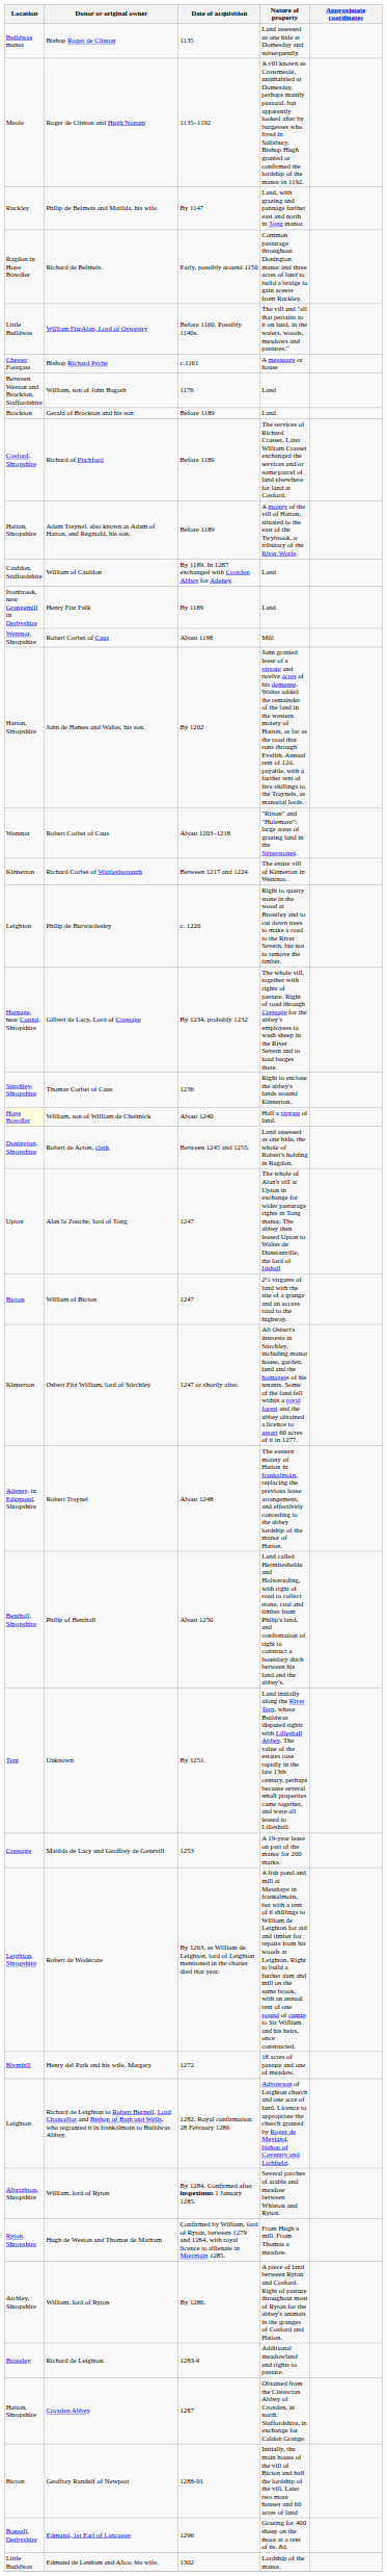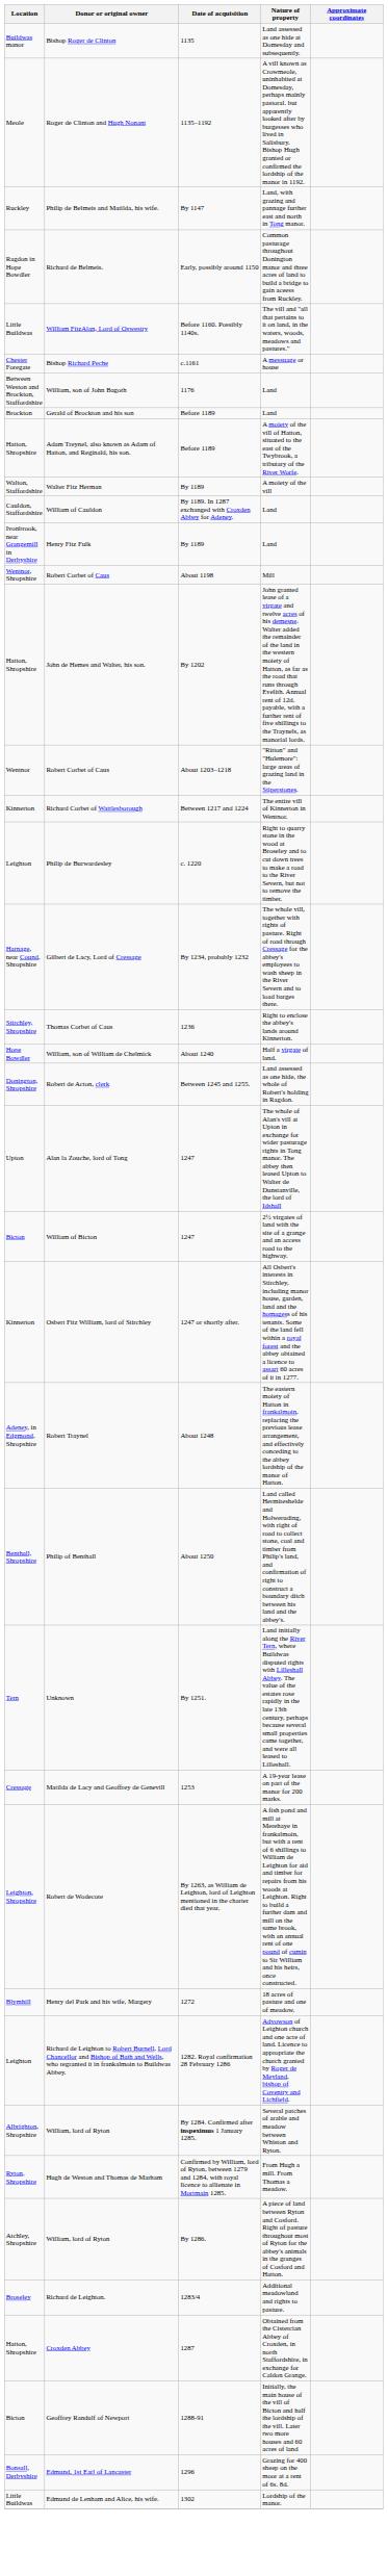 <table class="wikitable">
 <tr>
 <th>Location</th>
 <th width=300pt>Donor or original owner</th>
 <th width=180pt>Date of acquisition</th>
 <th>Nature of property</th>
 <th width=160pt><a href='#'>Approximate coordinates</a></th>
 </tr>
 <tr>
 <td><a href='#'>Buildwas</a> manor</td>
 <td>Bishop <a href='#'>Roger de Clinton</a></td>
 <td>1135</td>
 <td>Land assessed as one hide at Domesday and subsequently.</td>
 <td></td>
 </tr>
 <tr>
 <td>Meole</td>
 <td>Roger de Clinton and <a href='#'>Hugh Nonant</a></td>
 <td>1135–1192</td>
 <td>A vill known as Crowmeole, uninhabited at Domesday, perhaps mainly pastoral. but apparently looked after by burgesses who lived in Salisbury. Bishop Hugh granted or confirmed the lordship of the manor in 1192.</td>
 <td></td>
 </tr>
 <tr>
 <td>Ruckley</td>
 <td>Philip de Belmeis and Matilda, his wife.</td>
 <td>By 1147</td>
 <td>Land, with grazing and pannage further east and north in <a href='#'>Tong</a> manor.</td>
 <td></td>
 </tr>
 <tr>
 <td>Ragdon in Hope Bowdler</td>
 <td>Richard de Belmeis.</td>
 <td>Early, possibly around 1150</td>
 <td>Common pasturage throughout Donington manor and three acres of land to build a bridge to gain aceess from Ruckley.</td>
 <td></td>
 </tr>
 <tr>
 <td>Little Buildwas</td>
 <td><a href='#'>William FitzAlan, Lord of Oswestry</a></td>
 <td>Before 1160. Possibly 1140s.</td>
 <td>The vill and "all that pertains to it on land, in the waters, woods, meadows and pastures."</td>
 <td></td>
 </tr>
 <tr>
 <td><a href='#'>Chester</a> Foregate</td>
 <td>Bishop <a href='#'>Richard Peche</a></td>
 <td>c.1161</td>
 <td>A <a href='#'>messuage</a> or house</td>
 <td></td>
 </tr>
 <tr>
 <td>Between Weston and Brockton, Staffordshire</td>
 <td>William, son of John Bagoth</td>
 <td>1176</td>
 <td>Land</td>
 <td></td>
 </tr>
 <tr>
 <td>Brockton</td>
 <td>Gerald of Brockton and his son</td>
 <td>Before 1189</td>
 <td>Land</td>
 <td></td>
 </tr>
 <tr>
-<td><a href='#'>Cosford, Shropshire</a></td>
-<td>Richard of <a href='#'>Pitchford</a></td>
-<td>Before 1189</td>
-<td>The services of Richard Crasset. Later William Crasset exchanged the services and/or some parcel of land elsewhere for land at Cosford.</td>
-<td></td>
-</tr>
-<tr>
 <td>Hatton, Shropshire</td>
 <td>Adam Treynel, also known as Adam of Hatton, and Reginald, his son.</td>
 <td>Before 1189</td>
 <td>A <a href='#'>moiety</a> of the vill of Hatton, situated to the east of the Twybrook, a tributary of the <a href='#'>River Worfe</a>.</td>
+<td></td>
+</tr>
+<tr>
+<td>Walton, Staffordshire</td>
+<td>Walter Fitz Herman</td>
+<td>By 1189</td>
+<td>A moiety of the vill</td>
 <td></td>
 </tr>
 <tr>
 <td>Cauldon, Staffordshire</td>
 <td>William of Cauldon</td>
 <td>By 1189. In 1287 exchanged with <a href='#'>Croxden Abbey</a> for <a href='#'>Adeney</a>.</td>
 <td>Land</td>
 <td></td>
 </tr>
 <tr>
 <td>Ivonbrook, near <a href='#'>Grangemill</a> in <a href='#'>Derbyshire</a></td>
 <td>Henry Fitz Fulk</td>
 <td>By 1189</td>
 <td>Land</td>
 <td></td>
 </tr>
 <tr>
 <td><a href='#'>Wentnor</a>, Shropshire</td>
 <td>Robert Corbet of <a href='#'>Caus</a></td>
 <td>About 1198</td>
 <td>Mill</td>
 <td></td>
 </tr>
 <tr>
 <td>Hatton, Shropshire</td>
 <td>John de Hemes and Walter, his son.</td>
 <td>By 1202</td>
 <td>John granted lease of a <a href='#'>virgate</a> and twelve <a href='#'>acres</a> of his <a href='#'>demesne</a>. Walter added the remainder of the land in the western moiety of Hatton, as far as the road that runs through Evelith. Annual rent of 12d. payable, with a further rent of five shillings to the Traynels, as manorial lords.</td>
 <td></td>
 </tr>
 <tr>
 <td>Wentnor</td>
 <td>Robert Corbet of Caus</td>
 <td>About 1203–1218</td>
 <td>"Ritton" and "Hulemore": large areas of grazing land in the <a href='#'>Stiperstones</a>.</td>
 <td></td>
 </tr>
 <tr>
 <td>Kinnerton</td>
 <td>Richard Corbet of <a href='#'>Wattlesborough</a></td>
 <td>Between 1217 and 1224</td>
 <td>The entire vill of Kinnerton in Wentnor.</td>
 <td></td>
 </tr>
 <tr>
 <td>Leighton</td>
 <td>Philip de Burwardesley</td>
 <td>c. 1220</td>
 <td>Right to quarry stone in the wood at Broseley and to cut down trees to make a road to the River Severn, but not to remove the timber.</td>
 <td></td>
 </tr>
 <tr>
 <td><a href='#'>Harnage</a>, near <a href='#'>Cound</a>, Shropshire</td>
 <td>Gilbert de Lacy, Lord of <a href='#'>Cressage</a></td>
 <td>By 1234, probably 1232</td>
 <td>The whole vill, together with rights of pasture. Right of road through <a href='#'>Cressage</a> for the abbey's employees to wash sheep in the River Severn and to load barges there.</td>
 <td></td>
 </tr>
 <tr>
 <td><a href='#'>Stirchley, Shropshire</a></td>
 <td>Thomas Corbet of Caus</td>
 <td>1236</td>
 <td>Right to enclose the abbey's lands around Kinnerton.</td>
 <td></td>
 </tr>
 <tr>
-<td style="background: lightyellow;"><a href='#'>Hope Bowdler</a></td>
+<td><a href='#'>Hope Bowdler</a></td>
 <td>William, son of William de Chelmick</td>
 <td>About 1240</td>
 <td>Half a <a href='#'>virgate</a> of land.</td>
 <td></td>
 </tr>
 <tr>
 <td><a href='#'>Donington, Shropshire</a></td>
 <td>Robert de Acton, <a href='#'>clerk</a></td>
 <td>Between 1245 and 1255.</td>
 <td>Land assessed as one hide, the whole of Robert's holding in Ragdon.</td>
 <td></td>
 </tr>
 <tr>
 <td>Upton</td>
 <td>Alan la Zouche, lord of Tong</td>
 <td>1247</td>
 <td>The whole of Alan's vill at Upton in exchange for wider pasturage rights in Tong manor. The abbey then leased Upton to Walter de Dunstanville, the lord of <a href='#'>Idshall</a></td>
 <td></td>
 </tr>
 <tr>
 <td><a href='#'>Bicton</a></td>
 <td>William of Bicton</td>
 <td>1247</td>
 <td>2½ virgates of land with the site of a grange and an access road to the highway.</td>
 <td></td>
 </tr>
 <tr>
 <td>Kinnerton</td>
 <td>Osbert Fitz William, lord of Stirchley</td>
 <td>1247 or shortly after.</td>
 <td>All Osbert's interests in Stirchley, including manor house, garden, land and the <a href='#'>homages</a>s of his tenants. Some of the land fell within a <a href='#'>royal forest</a> and the abbey obtained a licence to <a href='#'>assart</a> 60 acres of it in 1277.</td>
 <td></td>
 </tr>
 <tr>
 <td><a href='#'>Adeney</a>, in <a href='#'>Edgmond</a>, Shropshire</td>
 <td>Robert Traynel</td>
 <td>About 1248</td>
 <td>The eastern moiety of Hatton in <a href='#'>frankalmoin</a>, replacing the previous lease arrangement, and effectively conceding to the abbey lordship of the manor of Hatton.</td>
 <td></td>
 </tr>
 <tr>
 <td><a href='#'>Benthall, Shropshire</a></td>
 <td>Philip of Benthall</td>
 <td>About 1250</td>
 <td>Land called Hermiteshelde and Holweruding, with right of road to collect stone, coal and timber from Philip's land, and confirmation of right to construct a boundary ditch between his land and the abbey's.</td>
 <td></td>
 </tr>
 <tr>
 <td><a href='#'>Tern</a></td>
 <td>Unknown</td>
 <td>By 1251.</td>
 <td>Land initially along the <a href='#'>River Tern</a>, where Buildwas disputed rights with <a href='#'>Lilleshall Abbey</a>. The value of the estates rose rapidly in the late 13th century, perhaps because several small properties came together, and were all leased to Lilleshall.</td>
 <td></td>
 </tr>
 <tr>
 <td><a href='#'>Cressage</a></td>
 <td>Matilda de Lacy and Geoffrey de Genevill</td>
 <td>1253</td>
 <td>A 19-year lease on part of the manor for 200 marks.</td>
 <td></td>
 </tr>
 <tr>
 <td><a href='#'>Leighton, Shropshire</a></td>
 <td>Robert de Wodecote</td>
 <td>By 1263, as William de Leighton, lord of Leighton mentioned in the charter died that year.</td>
 <td>A fish pond and mill at Merehaye in frankalmoin, but with a rent of 6 shillings to William de Leighton for aid and timber for repairs from his woods at Leighton. Right to build a further dam and mill on the same brook, with an annual rent of one <a href='#'>pound</a> of <a href='#'>cumin</a> to Sir William and his heirs, once constructed.</td>
 <td></td>
 </tr>
 <tr>
 <td><a href='#'>Blymhill</a></td>
 <td>Henry del Park and his wife, Margery</td>
 <td>1272</td>
 <td>18 acres of pasture and one of meadow.</td>
 <td></td>
 </tr>
 <tr>
 <td>Leighton</td>
 <td>Richard de Leighton to <a href='#'>Robert Burnell</a>, <a href='#'>Lord Chancellor</a> and <a href='#'>Bishop of Bath and Wells</a>, who regranted it in frankalmoin to Buildwas Abbey.</td>
 <td>1282. Royal confirmation 28 February 1286</td>
 <td><a href='#'>Advowson</a> of Leighton church and one acre of land. Licence to appropriate the church granted by <a href='#'>Roger de Meyland</a>, <a href='#'>bishop of Coventry and Lichfield</a>.</td>
 <td></td>
 </tr>
 <tr>
 <td><a href='#'>Albrighton</a>, Shropshire</td>
 <td>William, lord of Ryton</td>
 <td>By 1284. Confirmed after <strong>inspeximus</strong> 1 January 1285.</td>
 <td>Several patches of arable and meadow between Whiston and Ryton.</td>
 <td></td>
 </tr>
 <tr>
 <td><a href='#'>Ryton, Shropshire</a></td>
 <td>Hugh de Weston and Thomas de Marham</td>
 <td>Confirmed by William, lord of Ryton, between 1279 and 1284, with royal licence to allienate in <a href='#'>Mortmain</a> 1285.</td>
 <td>From Hugh a mill. From Thomas a meadow.</td>
 <td></td>
 </tr>
 <tr>
 <td>Atchley, Shropshire</td>
 <td>William, lord of Ryton</td>
 <td>By 1286.</td>
 <td>A piece of land between Ryton and Cosford. Right of pasture throughout most of Ryton for the abbey's animals in the granges of Cosford and Hatton.</td>
 <td></td>
 </tr>
 <tr>
 <td><a href='#'>Broseley</a></td>
 <td>Richard de Leighton.</td>
 <td>1283/4</td>
 <td>Additional meadowland and rights to pasture.</td>
 <td></td>
 </tr>
 <tr>
 <td>Hatton, Shropshire</td>
 <td><a href='#'>Croxden Abbey</a></td>
 <td>1287</td>
 <td>Obtained from the Cistercian Abbey of Croxden, in north Staffordshire, in exchange for Caldon Grange.</td>
 <td></td>
 </tr>
 <tr>
 <td>Bicton</td>
 <td>Geoffrey Randulf of Newport</td>
 <td>1288-91</td>
 <td>Initially, the main house of the vill of Bicton and half the lordship of the vill. Later two more houses and 60 acres of land</td>
 <td></td>
 </tr>
 <tr>
 <td><a href='#'>Bonsall, Derbyshire</a></td>
 <td><a href='#'>Edmund, 1st Earl of Lancaster</a></td>
 <td>1296</td>
 <td>Grazing for 400 sheep on the moor at a rent of 6s. 8d.</td>
 <td></td>
 </tr>
 <tr>
 <td>Little Buildwas</td>
 <td>Edmund de Lenham and Alice, his wife.</td>
 <td>1302</td>
 <td>Lordship of the manor.</td>
 <td></td>
 </tr>
 <tr>
 </tr>
 </table>
